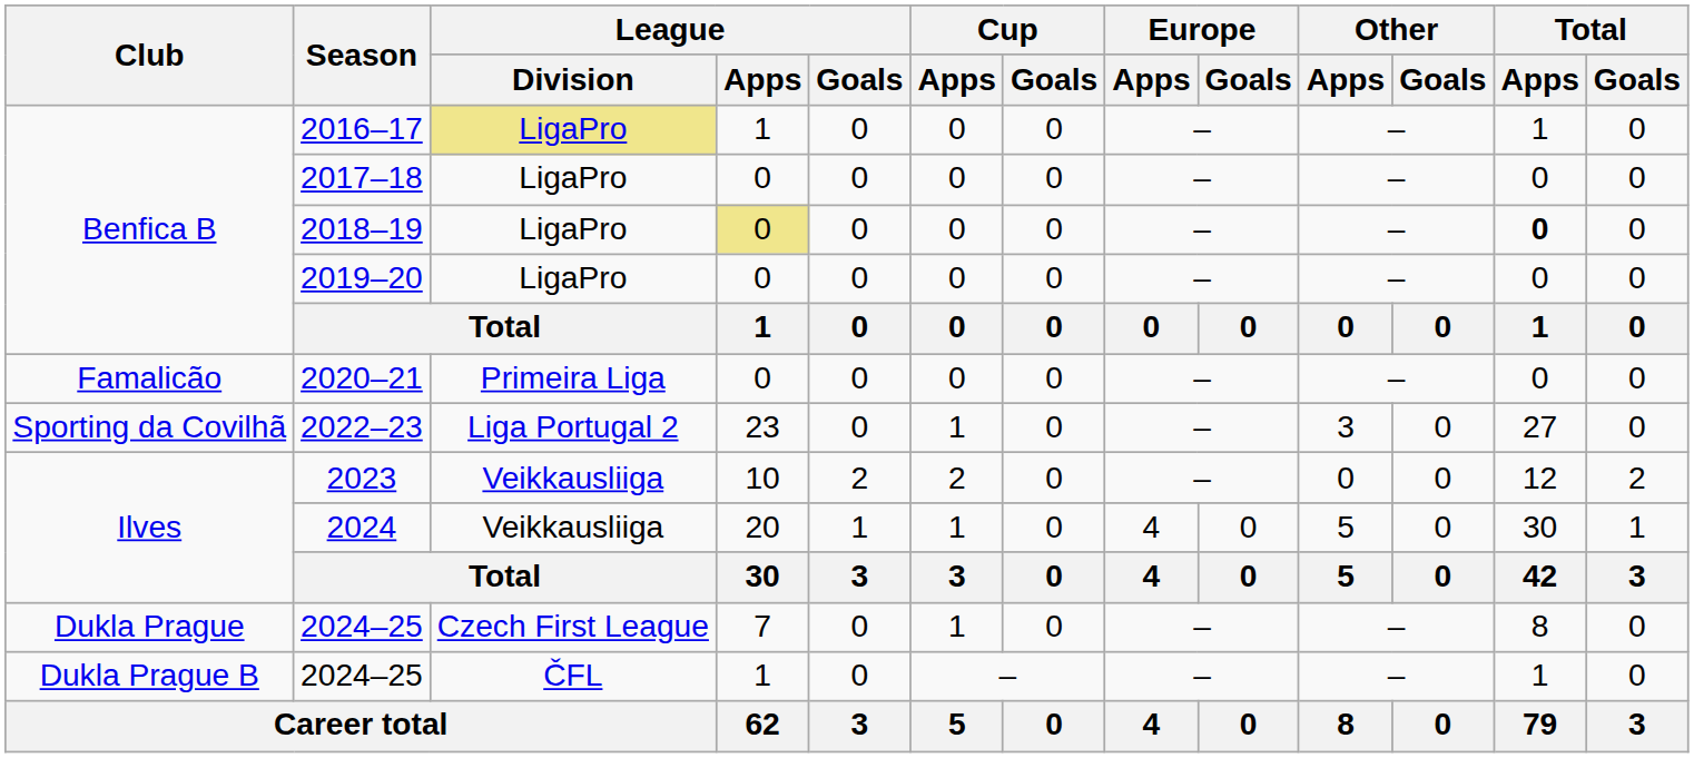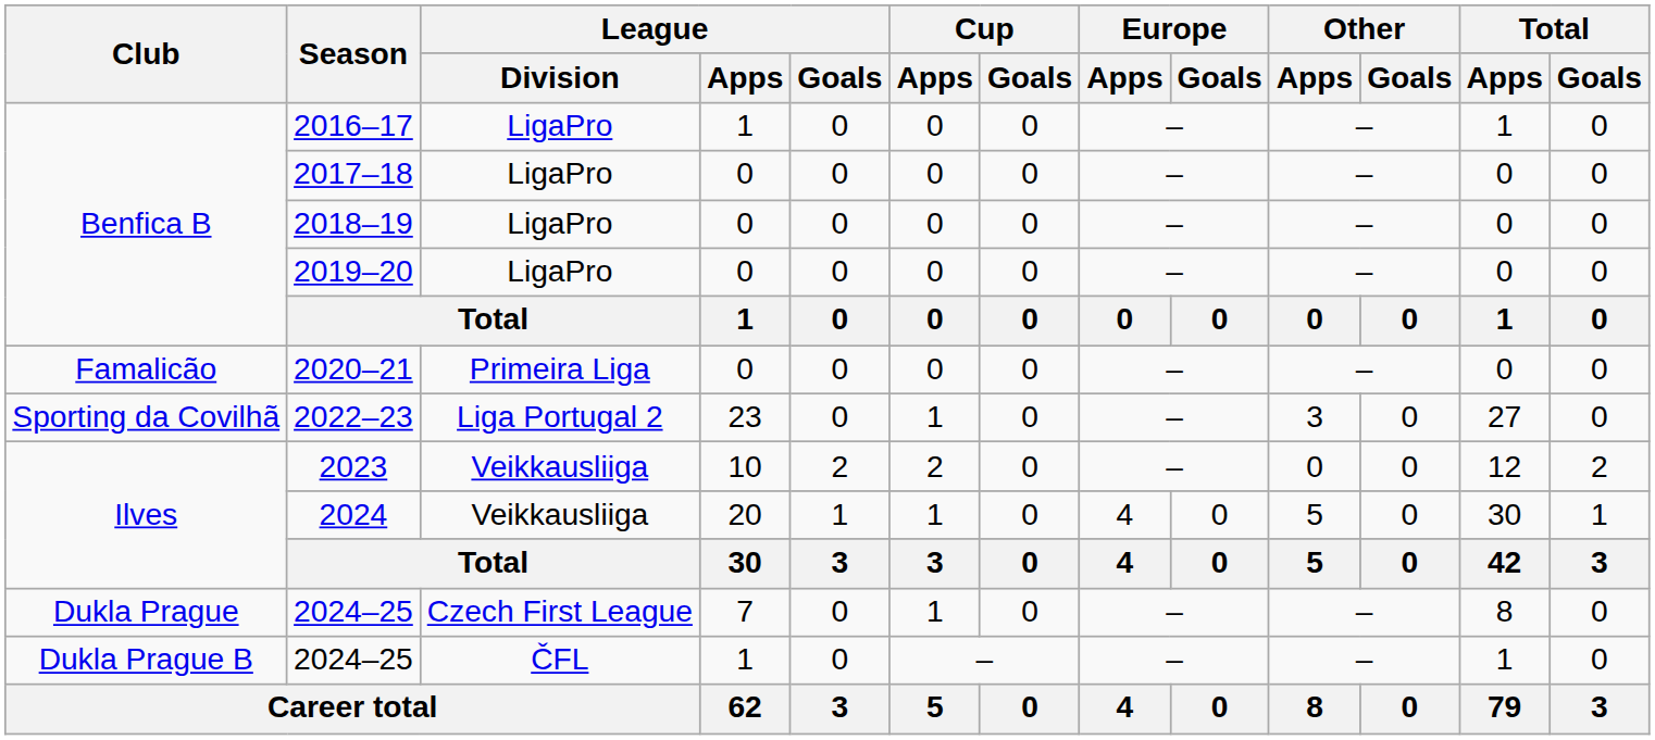 <table class="wikitable" style="text-align:center">
 <tr>
 <th rowspan="2">Club</th>
 <th rowspan="2">Season</th>
 <th colspan="3">League</th>
 <th colspan="2">Cup</th>
 <th colspan="2">Europe</th>
 <th colspan="2">Other</th>
 <th colspan="2">Total</th>
 </tr>
 <tr>
 <th>Division</th>
 <th>Apps</th>
 <th>Goals</th>
 <th>Apps</th>
 <th>Goals</th>
 <th>Apps</th>
 <th>Goals</th>
 <th>Apps</th>
 <th>Goals</th>
 <th>Apps</th>
 <th>Goals</th>
 </tr>
 <tr>
 <td rowspan="5"><a href='#'>Benfica B</a></td>
 <td><a href='#'>2016–17</a></td>
-<td style="background: khaki;"><a href='#'>LigaPro</a></td>
+<td><a href='#'>LigaPro</a></td>
 <td>1</td>
 <td>0</td>
 <td>0</td>
 <td>0</td>
 <td colspan="2">–</td>
 <td colspan="2">–</td>
 <td>1</td>
 <td>0</td>
 </tr>
 <tr>
 <td><a href='#'>2017–18</a></td>
 <td>LigaPro</td>
 <td>0</td>
 <td>0</td>
 <td>0</td>
 <td>0</td>
 <td colspan="2">–</td>
 <td colspan="2">–</td>
 <td>0</td>
 <td>0</td>
 </tr>
 <tr>
 <td><a href='#'>2018–19</a></td>
 <td>LigaPro</td>
-<td style="background: khaki;">0</td>
+<td>0</td>
 <td>0</td>
 <td>0</td>
 <td>0</td>
 <td colspan="2">–</td>
 <td colspan="2">–</td>
-<td><strong>0</strong></td>
+<td>0</td>
 <td>0</td>
 </tr>
 <tr>
 <td><a href='#'>2019–20</a></td>
 <td>LigaPro</td>
 <td>0</td>
 <td>0</td>
 <td>0</td>
 <td>0</td>
 <td colspan="2">–</td>
 <td colspan="2">–</td>
 <td>0</td>
 <td>0</td>
 </tr>
 <tr>
 <th colspan="2">Total</th>
 <th>1</th>
 <th>0</th>
 <th>0</th>
 <th>0</th>
 <th>0</th>
 <th>0</th>
 <th>0</th>
 <th>0</th>
 <th>1</th>
 <th>0</th>
 </tr>
 <tr>
 <td><a href='#'>Famalicão</a></td>
 <td><a href='#'>2020–21</a></td>
 <td><a href='#'>Primeira Liga</a></td>
 <td>0</td>
 <td>0</td>
 <td>0</td>
 <td>0</td>
 <td colspan="2">–</td>
 <td colspan="2">–</td>
 <td>0</td>
 <td>0</td>
 </tr>
 <tr>
 <td><a href='#'>Sporting da Covilhã</a></td>
 <td><a href='#'>2022–23</a></td>
 <td><a href='#'>Liga Portugal 2</a></td>
 <td>23</td>
 <td>0</td>
 <td>1</td>
 <td>0</td>
 <td colspan="2">–</td>
 <td>3</td>
 <td>0</td>
 <td>27</td>
 <td>0</td>
 </tr>
 <tr>
 <td rowspan="3"><a href='#'>Ilves</a></td>
 <td><a href='#'>2023</a></td>
 <td><a href='#'>Veikkausliiga</a></td>
 <td>10</td>
 <td>2</td>
 <td>2</td>
 <td>0</td>
 <td colspan="2">–</td>
 <td>0</td>
 <td>0</td>
 <td>12</td>
 <td>2</td>
 </tr>
 <tr>
 <td><a href='#'>2024</a></td>
 <td>Veikkausliiga</td>
 <td>20</td>
 <td>1</td>
 <td>1</td>
 <td>0</td>
 <td>4</td>
 <td>0</td>
 <td>5</td>
 <td>0</td>
 <td>30</td>
 <td>1</td>
 </tr>
 <tr>
 <th colspan="2">Total</th>
 <th>30</th>
 <th>3</th>
 <th>3</th>
 <th>0</th>
 <th>4</th>
 <th>0</th>
 <th>5</th>
 <th>0</th>
 <th>42</th>
 <th>3</th>
 </tr>
 <tr>
 <td><a href='#'>Dukla Prague</a></td>
 <td><a href='#'>2024–25</a></td>
 <td><a href='#'>Czech First League</a></td>
 <td>7</td>
 <td>0</td>
 <td>1</td>
 <td>0</td>
 <td colspan=2>–</td>
 <td colspan=2>–</td>
 <td>8</td>
 <td>0</td>
 </tr>
 <tr>
 <td><a href='#'>Dukla Prague B</a></td>
 <td>2024–25</td>
 <td><a href='#'>ČFL</a></td>
 <td>1</td>
 <td>0</td>
 <td colspan=2>–</td>
 <td colspan=2>–</td>
 <td colspan=2>–</td>
 <td>1</td>
 <td>0</td>
 </tr>
 <tr>
 <th colspan="3">Career total</th>
 <th>62</th>
 <th>3</th>
 <th>5</th>
 <th>0</th>
 <th>4</th>
 <th>0</th>
 <th>8</th>
 <th>0</th>
 <th>79</th>
 <th>3</th>
 </tr>
 </table>
